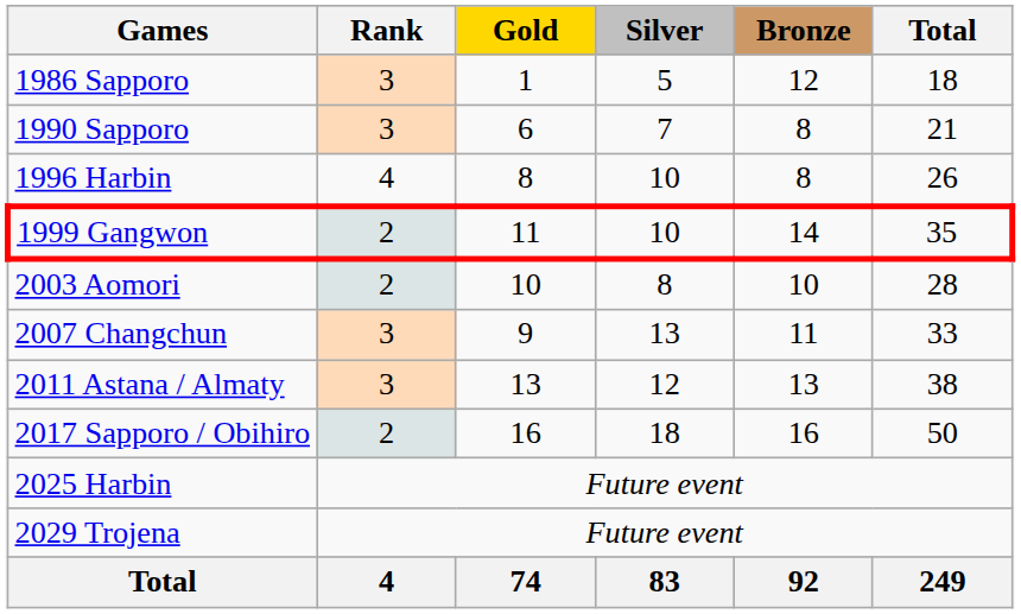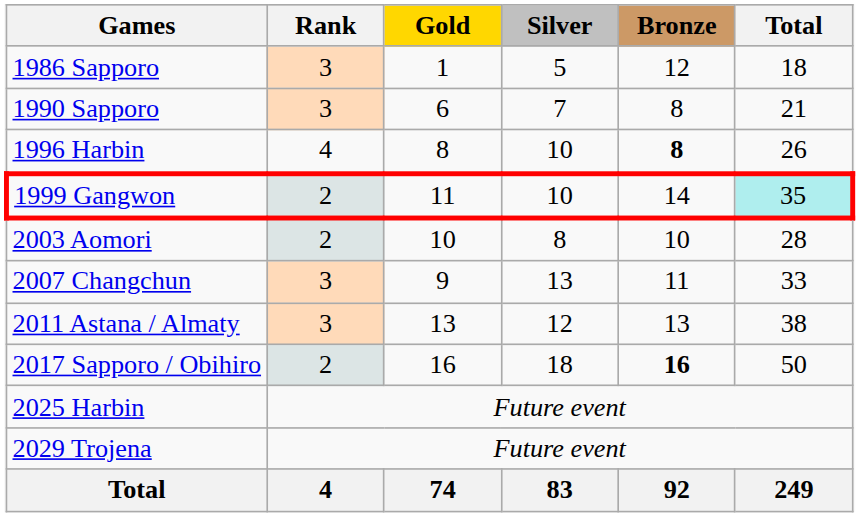 <table class="wikitable sortable" style="margin-top:0em; text-align:center; font-size:100%;">
 <tr>
 <th>Games</th>
 <th style="width:4em;">Rank</th>
 <th style="background:gold; width:4em;"><strong>Gold</strong></th>
 <th style="background:silver; width:4em;"><strong>Silver</strong></th>
 <th style="background:#cc9966; width:4em;"><strong>Bronze</strong></th>
 <th style="width:4em;">Total</th>
 </tr>
 <tr>
 <td align=left> <a href='#'>1986 Sapporo</a></td>
 <td bgcolor=ffdab9>3</td>
 <td>1</td>
 <td>5</td>
 <td>12</td>
 <td>18</td>
 </tr>
 <tr>
 <td align=left> <a href='#'>1990 Sapporo</a></td>
 <td bgcolor=ffdab9>3</td>
 <td>6</td>
 <td>7</td>
 <td>8</td>
 <td>21</td>
 </tr>
 <tr>
 <td align=left> <a href='#'>1996 Harbin</a></td>
 <td>4</td>
 <td>8</td>
 <td>10</td>
-<td>8</td>
+<td><strong>8</strong></td>
 <td>26</td>
 </tr>
 <tr style="border: 3px solid red">
 <td align=left> <a href='#'>1999 Gangwon</a></td>
 <td bgcolor=dce5e5>2</td>
 <td>11</td>
 <td>10</td>
 <td>14</td>
-<td>35</td>
+<td style="background: paleturquoise;">35</td>
 </tr>
 <tr>
 <td align=left> <a href='#'>2003 Aomori</a></td>
 <td bgcolor=dce5e5>2</td>
 <td>10</td>
 <td>8</td>
 <td>10</td>
 <td>28</td>
 </tr>
 <tr>
 <td align=left> <a href='#'>2007 Changchun</a></td>
 <td bgcolor=ffdab9>3</td>
 <td>9</td>
 <td>13</td>
 <td>11</td>
 <td>33</td>
 </tr>
 <tr>
 <td align=left> <a href='#'>2011 Astana / Almaty</a></td>
 <td bgcolor=ffdab9>3</td>
 <td>13</td>
 <td>12</td>
 <td>13</td>
 <td>38</td>
 </tr>
 <tr>
 <td align=left> <a href='#'>2017 Sapporo / Obihiro</a></td>
 <td bgcolor=dce5e5>2</td>
 <td>16</td>
 <td>18</td>
-<td>16</td>
+<td><strong>16</strong></td>
 <td>50</td>
 </tr>
 <tr>
 <td align=left> <a href='#'>2025 Harbin</a></td>
 <td colspan=5><em>Future event</em></td>
 </tr>
 <tr>
 <td align=left> <a href='#'>2029 Trojena</a></td>
 <td colspan=5><em>Future event</em></td>
 </tr>
 <tr>
 <th>Total</th>
 <th>4</th>
 <th>74</th>
 <th>83</th>
 <th>92</th>
 <th>249</th>
 </tr>
 </table>
